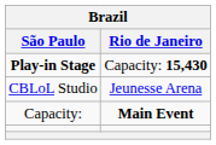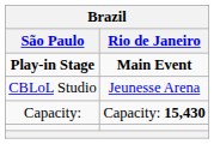 <table class="wikitable" style="text-align:center">
 <tr>
 <th colspan="2">Brazil</th>
 </tr>
 <tr>
 <th><a href='#'>São Paulo</a></th>
 <th><a href='#'>Rio de Janeiro</a></th>
 </tr>
 <tr>
 <td><strong>Play-in Stage</strong></td>
-<td>Capacity: <strong>15,430</strong></td>
+<td><strong>Main Event</strong></td>
 </tr>
 <tr>
 <td><a href='#'>CBLoL</a> Studio</td>
 <td><a href='#'>Jeunesse Arena</a></td>
 </tr>
 <tr>
 <td>Capacity:</td>
-<td><strong>Main Event</strong></td>
+<td>Capacity: <strong>15,430</strong></td>
 </tr>
 <tr>
 <td></td>
 <td></td>
 </tr>
 <tr>
 <th colspan="2"></th>
 </tr>
 </table>
